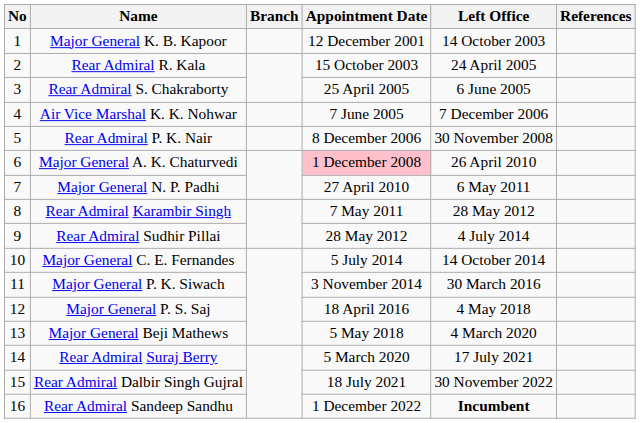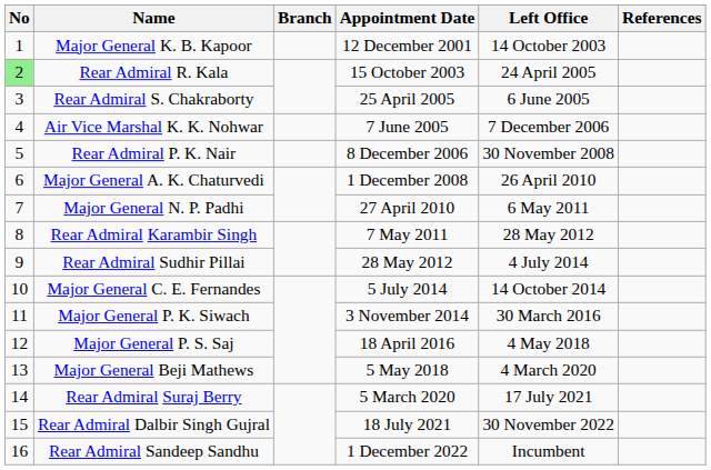 <table class="wikitable" style="text-align:center">
 <tr style="background:#cccccc">
 <th>No</th>
 <th>Name</th>
 <th>Branch</th>
 <th>Appointment Date</th>
 <th>Left Office</th>
 <th>References</th>
 </tr>
 <tr>
 <td>1</td>
 <td><a href='#'>Major General</a> K. B. Kapoor </td>
 <td></td>
 <td>12 December 2001</td>
 <td>14 October 2003</td>
 <td></td>
 </tr>
 <tr>
-<td>2</td>
+<td style="background: lightgreen;">2</td>
 <td><a href='#'>Rear Admiral</a> R. Kala </td>
 <td rowspan="2"></td>
 <td>15 October 2003</td>
 <td>24 April 2005</td>
 <td></td>
 </tr>
 <tr>
 <td>3</td>
 <td><a href='#'>Rear Admiral</a> S. Chakraborty </td>
 <td>25 April 2005</td>
 <td>6 June 2005</td>
 <td></td>
 </tr>
 <tr>
 <td>4</td>
 <td><a href='#'>Air Vice Marshal</a> K. K. Nohwar </td>
 <td></td>
 <td>7 June 2005</td>
 <td>7 December 2006</td>
 <td></td>
 </tr>
 <tr>
 <td>5</td>
 <td><a href='#'>Rear Admiral</a> P. K. Nair</td>
 <td></td>
 <td>8 December 2006</td>
 <td>30 November 2008</td>
 <td></td>
 </tr>
 <tr>
 <td>6</td>
 <td><a href='#'>Major General</a> A. K. Chaturvedi</td>
 <td rowspan="2"></td>
-<td style="background: pink;">1 December 2008</td>
+<td>1 December 2008</td>
 <td>26 April 2010</td>
 <td></td>
 </tr>
 <tr>
 <td>7</td>
 <td><a href='#'>Major General</a> N. P. Padhi</td>
 <td>27 April 2010</td>
 <td>6 May 2011</td>
 <td></td>
 </tr>
 <tr>
 <td>8</td>
 <td><a href='#'>Rear Admiral</a> <a href='#'>Karambir Singh</a></td>
 <td rowspan="2"></td>
 <td>7 May 2011</td>
 <td>28 May 2012</td>
 <td></td>
 </tr>
 <tr>
 <td>9</td>
 <td><a href='#'>Rear Admiral</a> Sudhir Pillai </td>
 <td>28 May 2012</td>
 <td>4 July 2014</td>
 <td></td>
 </tr>
 <tr>
 <td>10</td>
 <td><a href='#'>Major General</a> C. E. Fernandes </td>
 <td rowspan="4"></td>
 <td>5 July 2014</td>
 <td>14 October 2014</td>
 <td></td>
 </tr>
 <tr>
 <td>11</td>
 <td><a href='#'>Major General</a> P. K. Siwach </td>
 <td>3 November 2014</td>
 <td>30 March 2016</td>
 <td></td>
 </tr>
 <tr>
 <td>12</td>
 <td><a href='#'>Major General</a> P. S. Saj</td>
 <td>18 April 2016</td>
 <td>4 May 2018</td>
 <td></td>
 </tr>
 <tr>
 <td>13</td>
 <td><a href='#'>Major General</a> Beji Mathews</td>
 <td>5 May 2018</td>
 <td>4 March 2020</td>
 <td></td>
 </tr>
 <tr>
 <td>14</td>
 <td><a href='#'>Rear Admiral</a> <a href='#'>Suraj Berry</a> </td>
 <td rowspan="3"></td>
 <td>5 March 2020</td>
 <td>17 July 2021</td>
 <td></td>
 </tr>
 <tr>
 <td>15</td>
 <td><a href='#'>Rear Admiral</a> Dalbir Singh Gujral </td>
 <td>18 July 2021</td>
 <td>30 November 2022</td>
 <td></td>
 </tr>
 <tr>
 <td>16</td>
 <td><a href='#'>Rear Admiral</a> Sandeep Sandhu </td>
 <td>1 December 2022</td>
-<td><strong>Incumbent</strong></td>
+<td>Incumbent</td>
 <td></td>
 </tr>
 </table>
